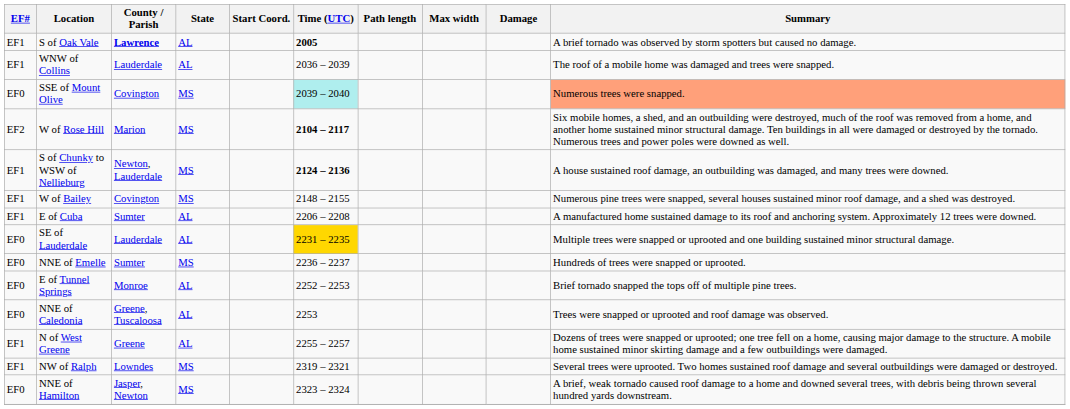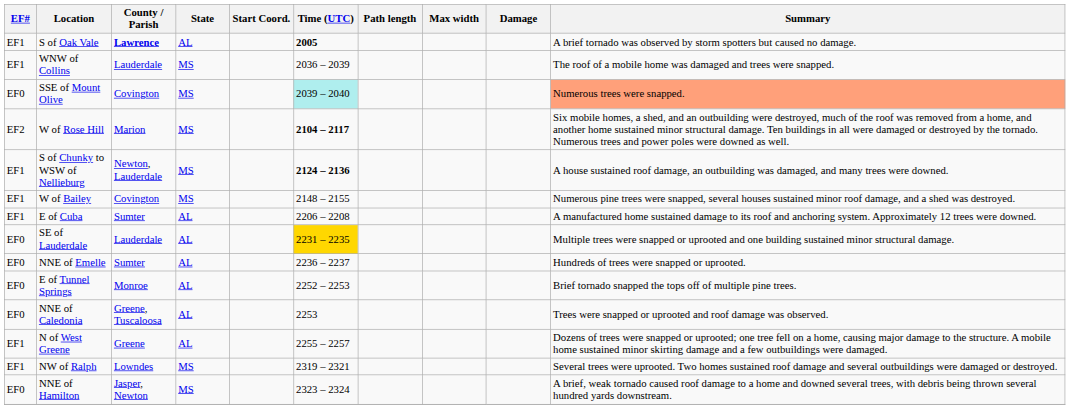 <table class="wikitable sortable" style="width:100%;">
 <tr>
 <th scope="col" width="3%" align="center"><a href='#'>EF#</a></th>
 <th scope="col" width="7%" align="center" class="unsortable">Location</th>
 <th scope="col" width="6%" align="center" class="unsortable">County / Parish</th>
 <th scope="col" width="5%" align="center">State</th>
 <th scope="col" width="6%" align="center">Start Coord.</th>
 <th scope="col" width="6%" align="center">Time (<a href='#'>UTC</a>)</th>
 <th scope="col" width="6%" align="center">Path length</th>
 <th scope="col" width="6%" align="center">Max width</th>
 <th scope="col" width="6%" align="center">Damage</th>
 <th scope="col" width="48%" class="unsortable" align="center">Summary</th>
 </tr>
 <tr>
 <td>EF1</td>
 <td>S of <a href='#'>Oak Vale</a></td>
 <td><strong><a href='#'>Lawrence</a></strong></td>
 <td><a href='#'>AL</a></td>
 <td></td>
 <td><strong>2005</strong></td>
 <td></td>
 <td></td>
 <td></td>
 <td>A brief tornado was observed by storm spotters but caused no damage.</td>
 </tr>
 <tr>
 <td>EF1</td>
 <td>WNW of <a href='#'>Collins</a></td>
 <td><a href='#'>Lauderdale</a></td>
-<td><a href='#'>AL</a></td>
+<td><a href='#'>MS</a></td>
 <td></td>
 <td>2036 – 2039</td>
 <td></td>
 <td></td>
 <td></td>
 <td>The roof of a mobile home was damaged and trees were snapped.</td>
 </tr>
 <tr>
 <td>EF0</td>
 <td>SSE of <a href='#'>Mount Olive</a></td>
 <td><a href='#'>Covington</a></td>
 <td><a href='#'>MS</a></td>
 <td></td>
 <td style="background: paleturquoise;">2039 – 2040</td>
 <td></td>
 <td></td>
 <td></td>
 <td style="background: lightsalmon;">Numerous trees were snapped.</td>
 </tr>
 <tr>
 <td>EF2</td>
 <td>W of <a href='#'>Rose Hill</a></td>
 <td><a href='#'>Marion</a></td>
 <td><a href='#'>MS</a></td>
 <td></td>
 <td><strong>2104 – 2117</strong></td>
 <td></td>
 <td></td>
 <td></td>
 <td>Six mobile homes, a shed, and an outbuilding were destroyed, much of the roof was removed from a home, and another home sustained minor structural damage. Ten buildings in all were damaged or destroyed by the tornado. Numerous trees and power poles were downed as well.</td>
 </tr>
 <tr>
 <td>EF1</td>
 <td>S of <a href='#'>Chunky</a> to WSW of <a href='#'>Nellieburg</a></td>
 <td><a href='#'>Newton</a>, <a href='#'>Lauderdale</a></td>
 <td><a href='#'>MS</a></td>
 <td></td>
 <td><strong>2124 – 2136</strong></td>
 <td></td>
 <td></td>
 <td></td>
 <td>A house sustained roof damage, an outbuilding was damaged, and many trees were downed.</td>
 </tr>
 <tr>
 <td>EF1</td>
 <td>W of <a href='#'>Bailey</a></td>
 <td><a href='#'>Covington</a></td>
 <td><a href='#'>MS</a></td>
 <td></td>
 <td>2148 – 2155</td>
 <td></td>
 <td></td>
 <td></td>
 <td>Numerous pine trees were snapped, several houses sustained minor roof damage, and a shed was destroyed.</td>
 </tr>
 <tr>
 <td>EF1</td>
 <td>E of <a href='#'>Cuba</a></td>
 <td><a href='#'>Sumter</a></td>
 <td><a href='#'>AL</a></td>
 <td></td>
 <td>2206 – 2208</td>
 <td></td>
 <td></td>
 <td></td>
 <td>A manufactured home sustained damage to its roof and anchoring system. Approximately 12 trees were downed.</td>
 </tr>
 <tr>
 <td>EF0</td>
 <td>SE of <a href='#'>Lauderdale</a></td>
 <td><a href='#'>Lauderdale</a></td>
 <td><a href='#'>AL</a></td>
 <td></td>
 <td style="background: gold;">2231 – 2235</td>
 <td></td>
 <td></td>
 <td></td>
 <td>Multiple trees were snapped or uprooted and one building sustained minor structural damage.</td>
 </tr>
 <tr>
 <td>EF0</td>
 <td>NNE of <a href='#'>Emelle</a></td>
 <td><a href='#'>Sumter</a></td>
-<td><a href='#'>MS</a></td>
+<td><a href='#'>AL</a></td>
 <td></td>
 <td>2236 – 2237</td>
 <td></td>
 <td></td>
 <td></td>
 <td>Hundreds of trees were snapped or uprooted.</td>
 </tr>
 <tr>
 <td>EF0</td>
 <td>E of <a href='#'>Tunnel Springs</a></td>
 <td><a href='#'>Monroe</a></td>
 <td><a href='#'>AL</a></td>
 <td></td>
 <td>2252 – 2253</td>
 <td></td>
 <td></td>
 <td></td>
 <td>Brief tornado snapped the tops off of multiple pine trees.</td>
 </tr>
 <tr>
 <td>EF0</td>
 <td>NNE of <a href='#'>Caledonia</a></td>
 <td><a href='#'>Greene</a>, <a href='#'>Tuscaloosa</a></td>
 <td><a href='#'>AL</a></td>
 <td></td>
 <td>2253</td>
 <td></td>
 <td></td>
 <td></td>
 <td>Trees were snapped or uprooted and roof damage was observed.</td>
 </tr>
 <tr>
 <td>EF1</td>
 <td>N of <a href='#'>West Greene</a></td>
 <td><a href='#'>Greene</a></td>
 <td><a href='#'>AL</a></td>
 <td></td>
 <td>2255 – 2257</td>
 <td></td>
 <td></td>
 <td></td>
 <td>Dozens of trees were snapped or uprooted; one tree fell on a home, causing major damage to the structure. A mobile home sustained minor skirting damage and a few outbuildings were damaged.</td>
 </tr>
 <tr>
 <td>EF1</td>
 <td>NW of <a href='#'>Ralph</a></td>
 <td><a href='#'>Lowndes</a></td>
 <td><a href='#'>MS</a></td>
 <td></td>
 <td>2319 – 2321</td>
 <td></td>
 <td></td>
 <td></td>
 <td>Several trees were uprooted. Two homes sustained roof damage and several outbuildings were damaged or destroyed.</td>
 </tr>
 <tr>
 <td>EF0</td>
 <td>NNE of <a href='#'>Hamilton</a></td>
 <td><a href='#'>Jasper</a>, <a href='#'>Newton</a></td>
 <td><a href='#'>MS</a></td>
 <td></td>
 <td>2323 – 2324</td>
 <td></td>
 <td></td>
 <td></td>
 <td>A brief, weak tornado caused roof damage to a home and downed several trees, with debris being thrown several hundred yards downstream.</td>
 </tr>
 <tr>
 </tr>
 </table>
